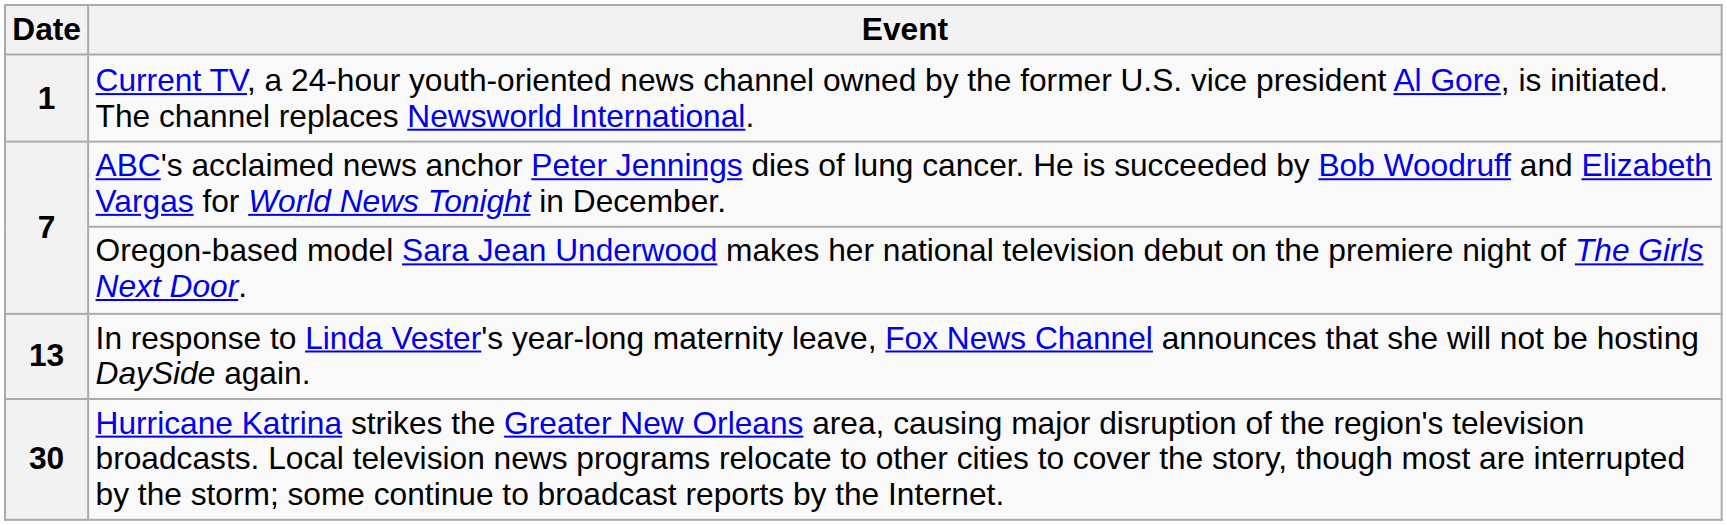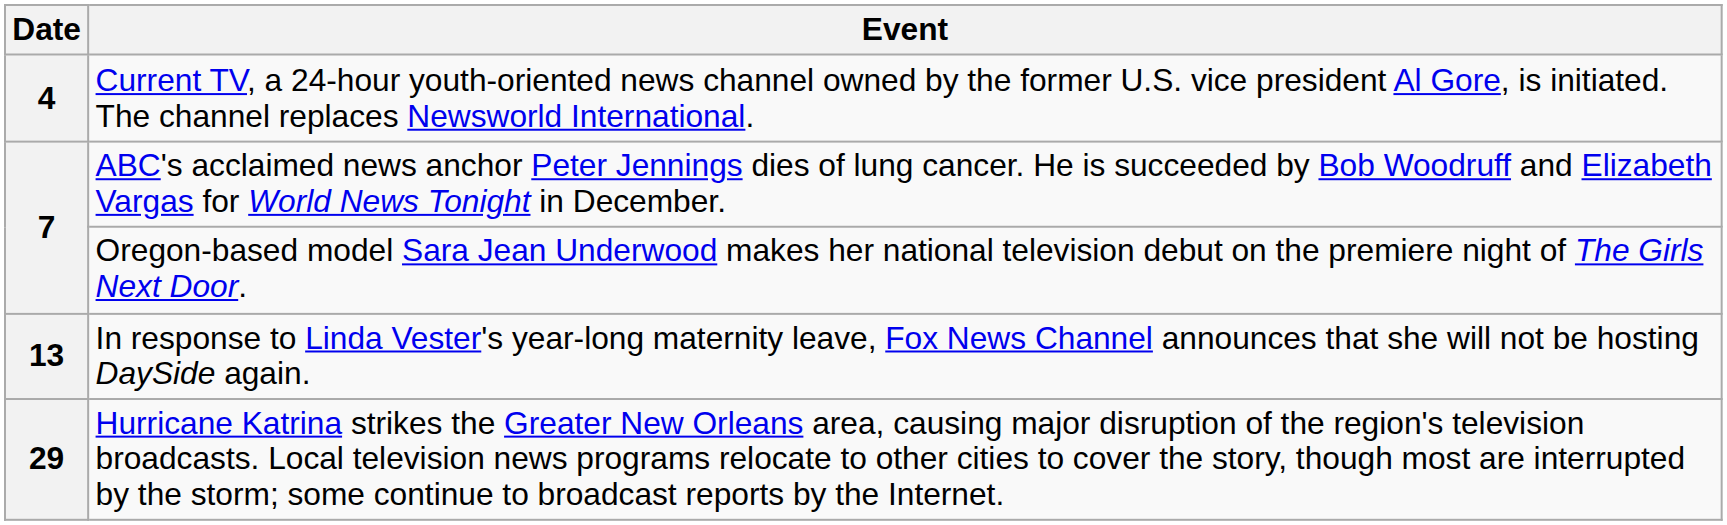 <table class="wikitable">
 <tr>
 <th>Date</th>
 <th>Event</th>
 </tr>
 <tr>
-<th>1</th>
+<th>4</th>
 <td><a href='#'>Current TV</a>, a 24-hour youth-oriented news channel owned by the former U.S. vice president <a href='#'>Al Gore</a>, is initiated. The channel replaces <a href='#'>Newsworld International</a>.</td>
 </tr>
 <tr>
 <th rowspan="2">7</th>
 <td><a href='#'>ABC</a>'s acclaimed news anchor <a href='#'>Peter Jennings</a> dies of lung cancer. He is succeeded by <a href='#'>Bob Woodruff</a> and <a href='#'>Elizabeth Vargas</a> for <em><a href='#'>World News Tonight</a></em> in December.</td>
 </tr>
 <tr>
 <td>Oregon-based model <a href='#'>Sara Jean Underwood</a> makes her national television debut on the premiere night of <em><a href='#'>The Girls Next Door</a></em>.</td>
 </tr>
 <tr>
 <th>13</th>
 <td>In response to <a href='#'>Linda Vester</a>'s year-long maternity leave, <a href='#'>Fox News Channel</a> announces that she will not be hosting <em>DaySide</em> again.</td>
 </tr>
 <tr>
-<th>30</th>
+<th>29</th>
 <td><a href='#'>Hurricane Katrina</a> strikes the <a href='#'>Greater New Orleans</a> area, causing major disruption of the region's television broadcasts. Local television news programs relocate to other cities to cover the story, though most are interrupted by the storm; some continue to broadcast reports by the Internet.</td>
 </tr>
 </table>
